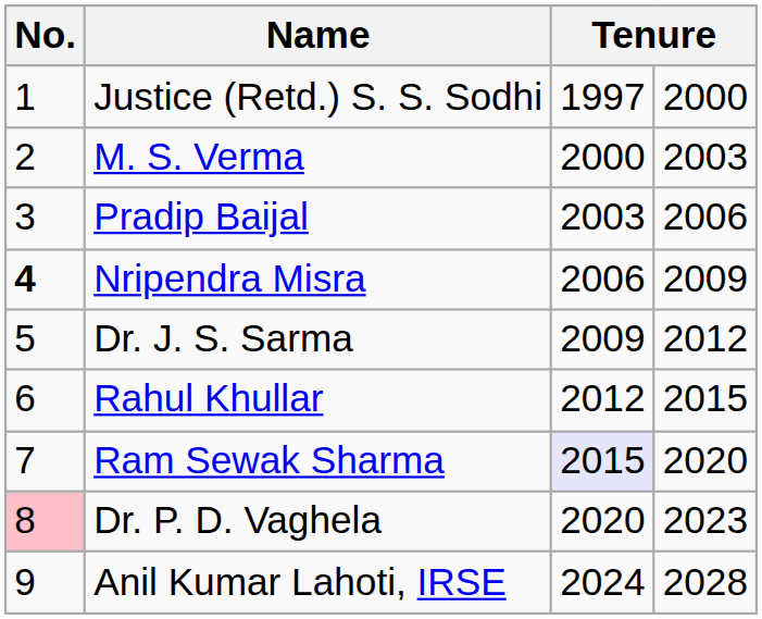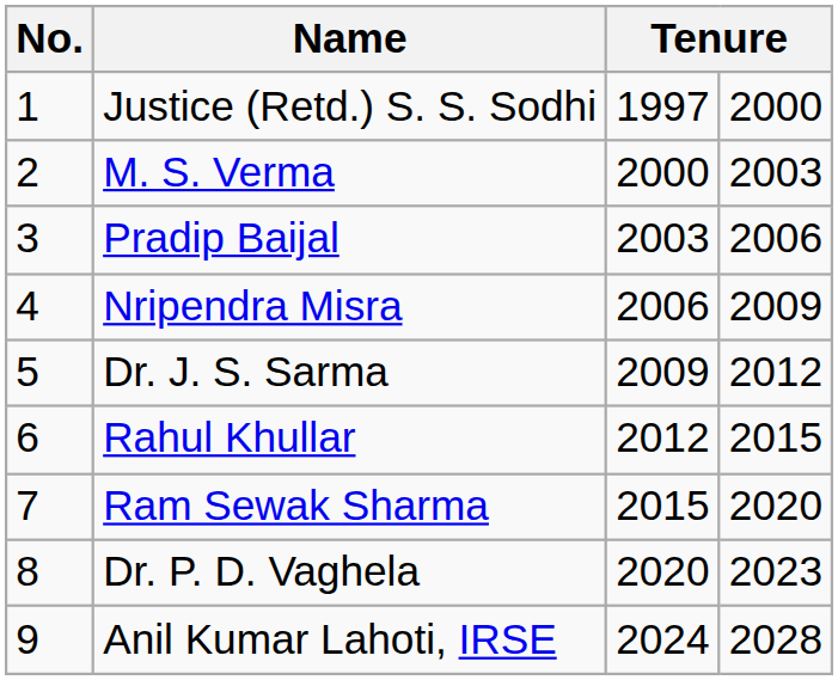 <table class="wikitable sortable" align="center" style="clear:center">
 <tr>
 <th>No.</th>
 <th>Name</th>
 <th colspan="2">Tenure</th>
 </tr>
 <tr>
 <td>1</td>
 <td>Justice (Retd.) S. S. Sodhi</td>
 <td>1997</td>
 <td>2000</td>
 </tr>
 <tr>
 <td>2</td>
 <td><a href='#'>M. S. Verma</a></td>
 <td>2000</td>
 <td>2003</td>
 </tr>
 <tr>
 <td>3</td>
 <td><a href='#'>Pradip Baijal</a></td>
 <td>2003</td>
 <td>2006</td>
 </tr>
 <tr>
-<td><strong>4</strong></td>
+<td>4</td>
 <td><a href='#'>Nripendra Misra</a></td>
 <td>2006</td>
 <td>2009</td>
 </tr>
 <tr>
 <td>5</td>
 <td>Dr. J. S. Sarma</td>
 <td>2009</td>
 <td>2012</td>
 </tr>
 <tr>
 <td>6</td>
 <td><a href='#'>Rahul Khullar</a></td>
 <td>2012</td>
 <td>2015</td>
 </tr>
 <tr>
 <td>7</td>
 <td><a href='#'>Ram Sewak Sharma</a></td>
-<td style="background: lavender;">2015</td>
+<td>2015</td>
 <td>2020</td>
 </tr>
 <tr>
-<td style="background: pink;">8</td>
+<td>8</td>
 <td>Dr. P. D. Vaghela</td>
 <td>2020</td>
 <td>2023</td>
 </tr>
 <tr>
 <td>9</td>
 <td>Anil Kumar Lahoti, <a href='#'>IRSE</a></td>
 <td>2024</td>
 <td>2028</td>
 </tr>
 </table>
